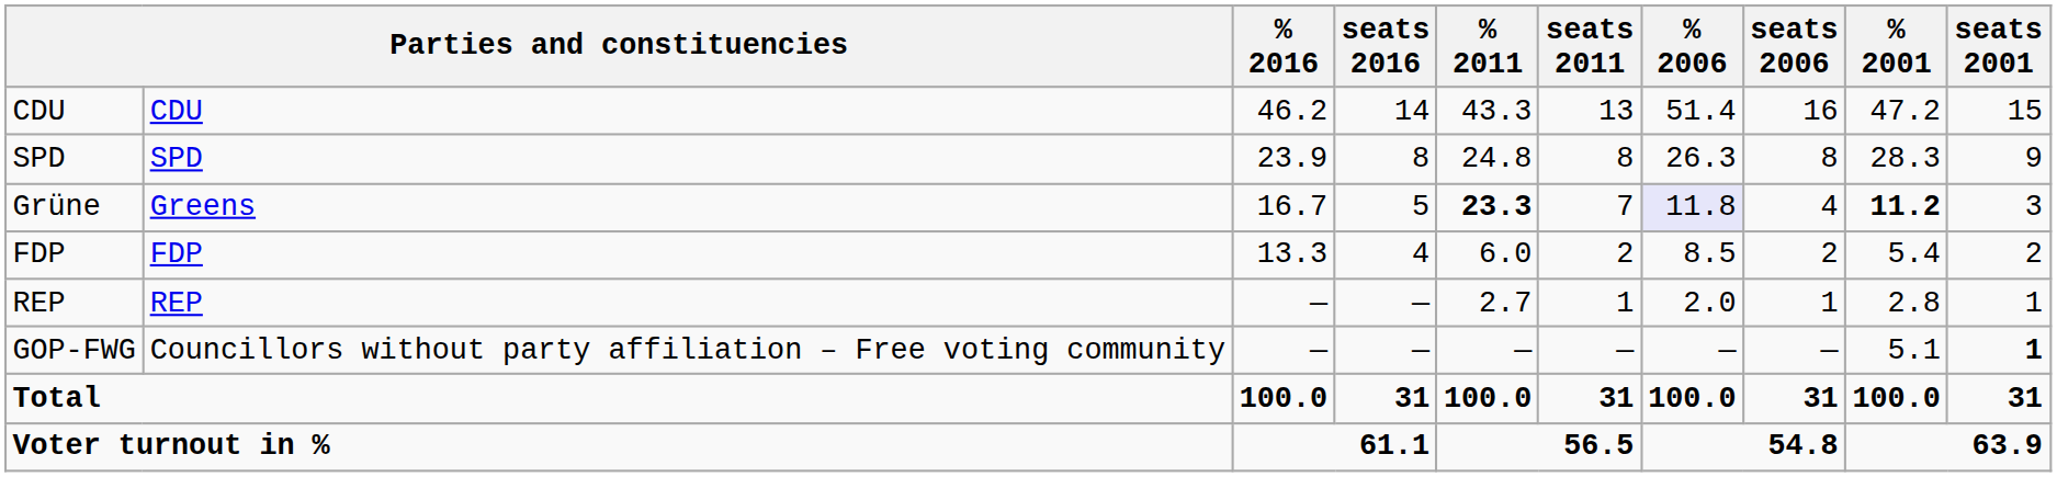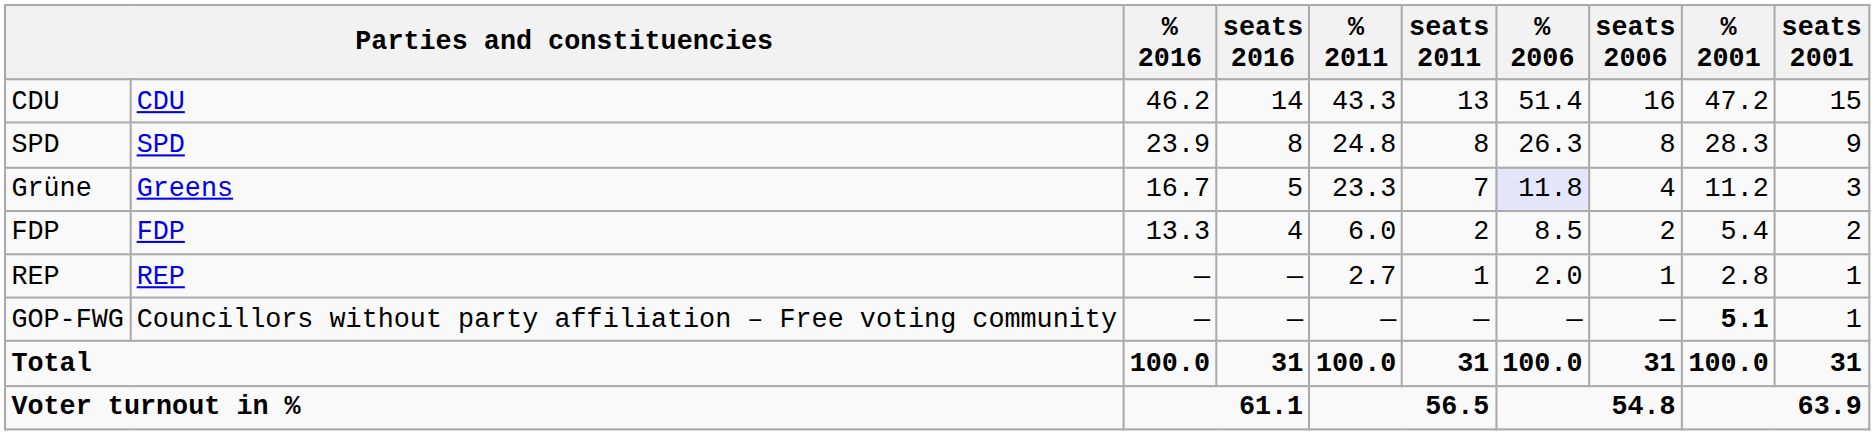 <table class="wikitable">
 <tr>
 <th colspan="2" align="left"><strong>Parties and constituencies</strong></th>
 <th>%<br>2016</th>
 <th>seats<br>2016</th>
 <th>%<br>2011</th>
 <th>seats<br>2011</th>
 <th>%<br>2006</th>
 <th>seats<br>2006</th>
 <th>%<br>2001</th>
 <th>seats<br>2001</th>
 </tr>
 <tr>
 <td>CDU</td>
 <td><a href='#'>CDU</a></td>
 <td align="right">46.2</td>
 <td align="right">14</td>
 <td align="right">43.3</td>
 <td align="right">13</td>
 <td align="right">51.4</td>
 <td align="right">16</td>
 <td align="right">47.2</td>
 <td align="right">15</td>
 </tr>
 <tr>
 <td>SPD</td>
 <td><a href='#'>SPD</a></td>
 <td align="right">23.9</td>
 <td align="right">8</td>
 <td align="right">24.8</td>
 <td align="right">8</td>
 <td align="right">26.3</td>
 <td align="right">8</td>
 <td align="right">28.3</td>
 <td align="right">9</td>
 </tr>
 <tr>
 <td>Grüne</td>
 <td><a href='#'>Greens</a></td>
 <td align="right">16.7</td>
 <td align="right">5</td>
-<td align="right"><strong>23.3</strong></td>
+<td align="right">23.3</td>
 <td align="right">7</td>
 <td align="right" style="background: lavender;">11.8</td>
 <td align="right">4</td>
-<td align="right"><strong>11.2</strong></td>
+<td align="right">11.2</td>
 <td align="right">3</td>
 </tr>
 <tr>
 <td>FDP</td>
 <td><a href='#'>FDP</a></td>
 <td align="right">13.3</td>
 <td align="right">4</td>
 <td align="right">6.0</td>
 <td align="right">2</td>
 <td align="right">8.5</td>
 <td align="right">2</td>
 <td align="right">5.4</td>
 <td align="right">2</td>
 </tr>
 <tr>
 <td>REP</td>
 <td><a href='#'>REP</a></td>
 <td align="right">—</td>
 <td align="right">—</td>
 <td align="right">2.7</td>
 <td align="right">1</td>
 <td align="right">2.0</td>
 <td align="right">1</td>
 <td align="right">2.8</td>
 <td align="right">1</td>
 </tr>
 <tr --->
 <td>GOP-FWG</td>
 <td>Councillors without party affiliation – Free voting community</td>
 <td align="right">—</td>
 <td align="right">—</td>
 <td align="right">—</td>
 <td align="right">—</td>
 <td align="right">—</td>
 <td align="right">—</td>
-<td align="right">5.1</td>
-<td align="right"><strong>1</strong></td>
+<td align="right"><strong>5.1</strong></td>
+<td align="right">1</td>
 </tr>
 <tr -->
 <td colspan="2"><strong>Total</strong></td>
 <td align="right"><strong>100.0</strong></td>
 <td align="right"><strong>31</strong></td>
 <td align="right"><strong>100.0</strong></td>
 <td align="right"><strong>31</strong></td>
 <td align="right"><strong>100.0</strong></td>
 <td align="right"><strong>31</strong></td>
 <td align="right"><strong>100.0</strong></td>
 <td align="right"><strong>31</strong></td>
 </tr>
 <tr -->
 <td colspan="2"><strong>Voter turnout in %</strong></td>
 <td colspan="2" align="right"><strong>61.1</strong></td>
 <td colspan="2" align="right"><strong>56.5</strong></td>
 <td colspan="2" align="right"><strong>54.8</strong></td>
 <td colspan="2" align="right"><strong>63.9</strong></td>
 </tr>
 </table>
